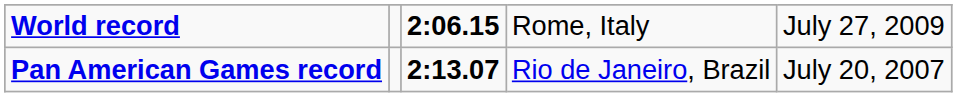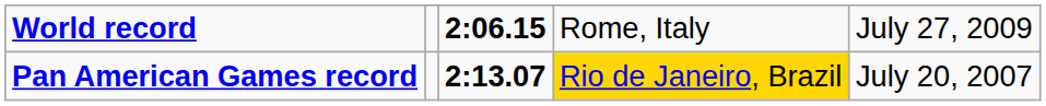 <table class="wikitable">
 <tr>
 <td><strong><a href='#'>World record</a></strong></td>
 <td></td>
 <td><strong>2:06.15</strong></td>
 <td>Rome, Italy</td>
 <td>July 27, 2009</td>
 </tr>
 <tr>
 <td><strong><a href='#'>Pan American Games record</a></strong></td>
 <td></td>
 <td><strong>2:13.07</strong></td>
-<td><a href='#'>Rio de Janeiro</a>, Brazil</td>
+<td style="background: gold;"><a href='#'>Rio de Janeiro</a>, Brazil</td>
 <td>July 20, 2007</td>
 </tr>
 </table>
